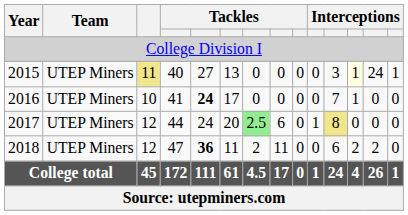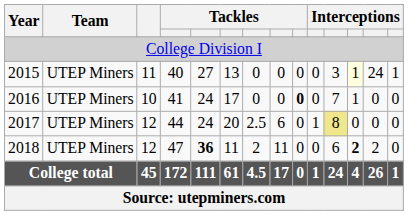 <table class="wikitable" style="text-align: center;">
 <tr>
 <th rowspan="2">Year</th>
 <th rowspan="2">Team</th>
 <th rowspan="2"></th>
 <th colspan="6">Tackles</th>
 <th colspan="5">Interceptions</th>
 </tr>
 <tr>
 <th></th>
 <th></th>
 <th></th>
 <th></th>
 <th></th>
 <th></th>
 <th></th>
 <th></th>
 <th></th>
 <th></th>
 <th></th>
 </tr>
 <tr>
 <td colspan="15" style="background-color:#D1D1D1"><a href='#'>College Division I</a> </td>
 </tr>
 <tr>
 <td>2015</td>
 <td>UTEP Miners</td>
-<td style="background: khaki;">11</td>
+<td>11</td>
 <td>40</td>
 <td>27</td>
 <td>13</td>
 <td>0</td>
 <td>0</td>
 <td>0</td>
 <td>0</td>
 <td>3</td>
 <td style="background: lightyellow;">1</td>
 <td>24</td>
 <td>1</td>
 </tr>
 <tr>
 <td>2016</td>
 <td>UTEP Miners</td>
 <td>10</td>
 <td>41</td>
-<td><strong>24</strong></td>
+<td>24</td>
 <td>17</td>
 <td>0</td>
 <td>0</td>
-<td>0</td>
+<td><strong>0</strong></td>
 <td>0</td>
 <td>7</td>
 <td>1</td>
 <td>0</td>
 <td>0</td>
 </tr>
 <tr>
 <td>2017</td>
 <td>UTEP Miners</td>
 <td>12</td>
 <td>44</td>
 <td>24</td>
 <td>20</td>
-<td style="background: lightgreen;">2.5</td>
+<td>2.5</td>
 <td>6</td>
 <td>0</td>
 <td>1</td>
 <td style="background: khaki;">8</td>
 <td>0</td>
 <td>0</td>
 <td>0</td>
 </tr>
 <tr>
 <td>2018</td>
 <td>UTEP Miners</td>
 <td>12</td>
 <td>47</td>
 <td><strong>36</strong></td>
 <td>11</td>
 <td>2</td>
 <td>11</td>
 <td>0</td>
 <td>0</td>
 <td>6</td>
-<td>2</td>
+<td><strong>2</strong></td>
 <td>2</td>
 <td>0</td>
 </tr>
 <tr style="background:#555555; font-weight:bold; color:white;">
 <td colspan="2">College total</td>
 <td>45</td>
 <td>172</td>
 <td>111</td>
 <td>61</td>
 <td>4.5</td>
 <td>17</td>
 <td>0</td>
 <td>1</td>
 <td>24</td>
 <td>4</td>
 <td>26</td>
 <td>1</td>
 </tr>
 <tr>
 <th colspan="15">Source: utepminers.com</th>
 </tr>
 </table>
